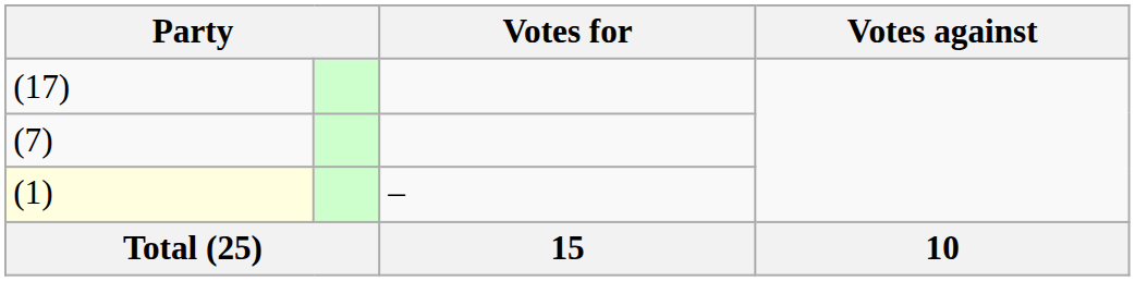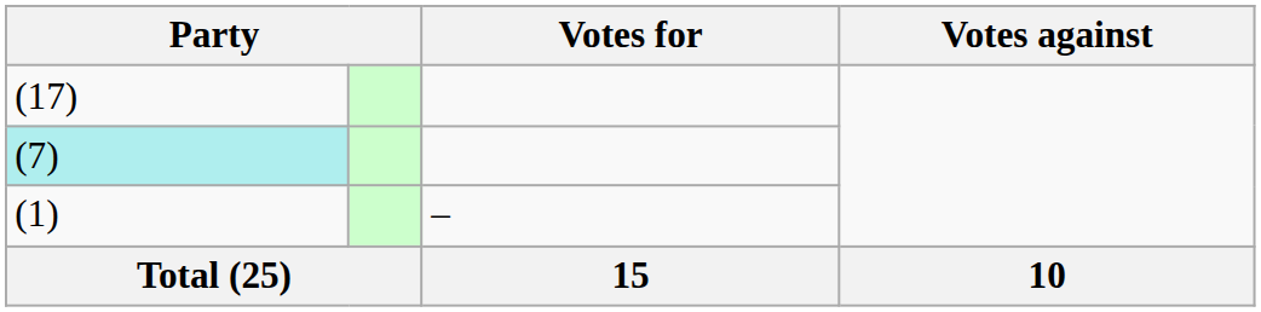 <table class="wikitable" style="width:60%">
 <tr>
 <th style="width:20%;" colspan="2">Party</th>
 <th style="width:20%;">Votes for</th>
 <th style="width:20%;">Votes against</th>
 </tr>
 <tr>
 <td> (17)</td>
 <td style="background-color:#CCFFCC;"></td>
 <td></td>
 </tr>
 <tr>
-<td> (7)</td>
+<td style="background: paleturquoise;"> (7)</td>
 <td style="background-color:#CCFFCC;"></td>
 <td></td>
 </tr>
 <tr>
-<td style="background: lightyellow;"> (1)</td>
+<td> (1)</td>
 <td style="background-color:#CCFFCC;"></td>
 <td>–</td>
 </tr>
 <tr>
 <th colspan=2>Total (25)</th>
 <th>15</th>
 <th>10</th>
 </tr>
 </table>
